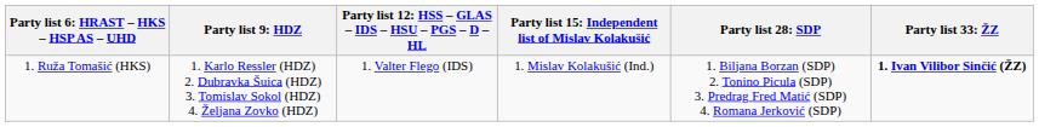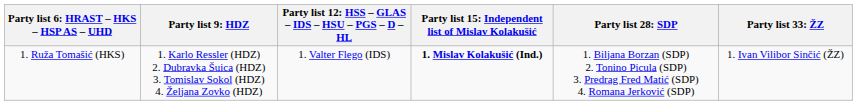 <table class="wikitable" style="text-align:center;">
 <tr>
 <th>Party list 6: <a href='#'>HRAST</a> – <a href='#'>HKS</a> – <a href='#'>HSP AS</a> – <a href='#'>UHD</a></th>
 <th>Party list 9: <a href='#'>HDZ</a></th>
 <th>Party list 12: <a href='#'>HSS</a> – <a href='#'>GLAS</a> – <a href='#'>IDS</a> – <a href='#'>HSU</a> – <a href='#'>PGS</a> – <a href='#'>D</a> – <a href='#'>HL</a></th>
 <th>Party list 15: <a href='#'>Independent list of Mislav Kolakušić</a></th>
 <th>Party list 28: <a href='#'>SDP</a></th>
 <th>Party list 33: <a href='#'>ŽZ</a></th>
 </tr>
 <tr>
 <td valign="top" style="width:16em;">1. <a href='#'>Ruža Tomašić</a> (HKS)</td>
 <td valign="top" style="width:16em;">1. <a href='#'>Karlo Ressler</a> (HDZ) <br>2. <a href='#'>Dubravka Šuica</a> (HDZ) <br>3. <a href='#'>Tomislav Sokol</a> (HDZ) <br>4. <a href='#'>Željana Zovko</a> (HDZ)</td>
 <td valign="top" style="width:16em;">1. <a href='#'>Valter Flego</a> (IDS)</td>
-<td valign="top" style="width:16em;">1. <a href='#'>Mislav Kolakušić</a> (Ind.)</td>
+<td valign="top" style="width:16em;"><strong>1. <a href='#'>Mislav Kolakušić</a> (Ind.)</strong></td>
 <td valign="top" style="width:20em;">1. <a href='#'>Biljana Borzan</a> (SDP) <br>2. <a href='#'>Tonino Picula</a> (SDP) <br>3. <a href='#'>Predrag Fred Matić</a> (SDP) <br>4. <a href='#'>Romana Jerković</a> (SDP)</td>
-<td valign="top" style="width:16em;"><strong>1. <a href='#'>Ivan Vilibor Sinčić</a> (ŽZ)</strong></td>
+<td valign="top" style="width:16em;">1. <a href='#'>Ivan Vilibor Sinčić</a> (ŽZ)</td>
 </tr>
 </table>
